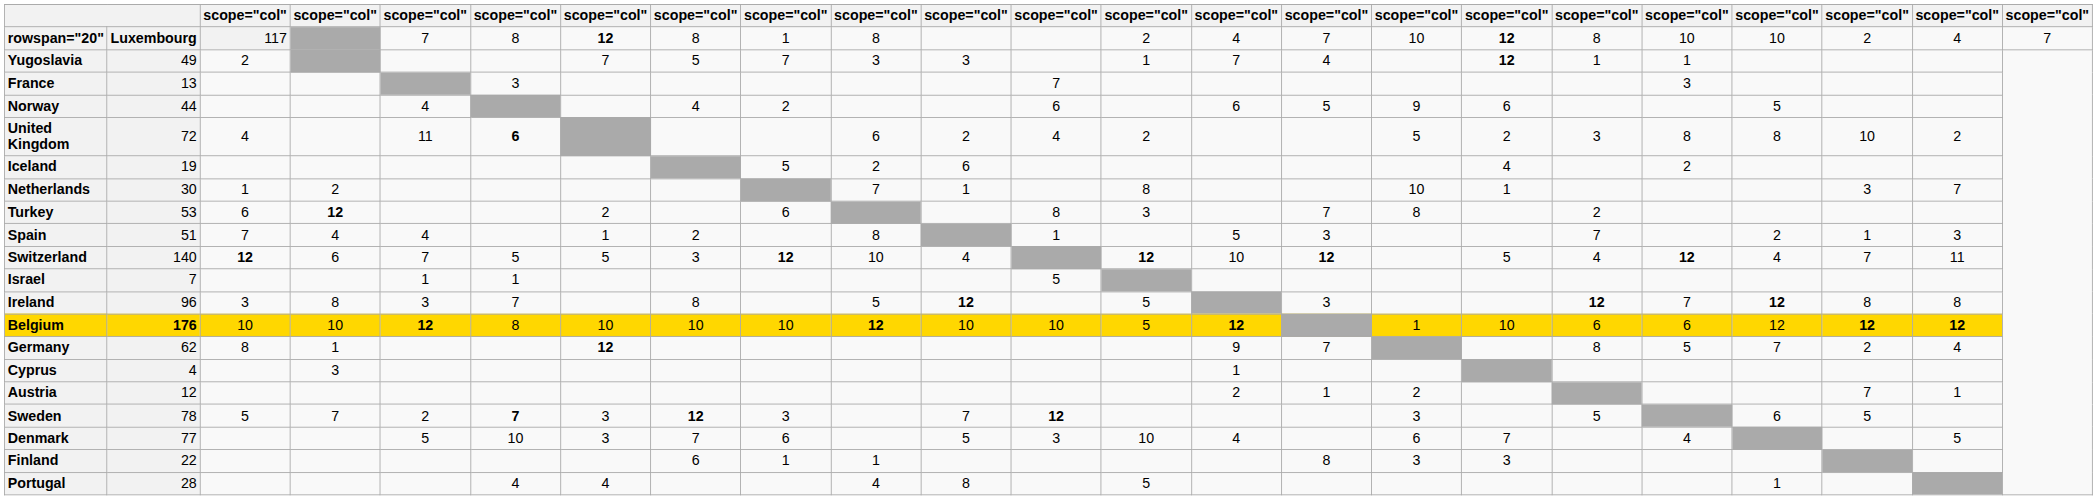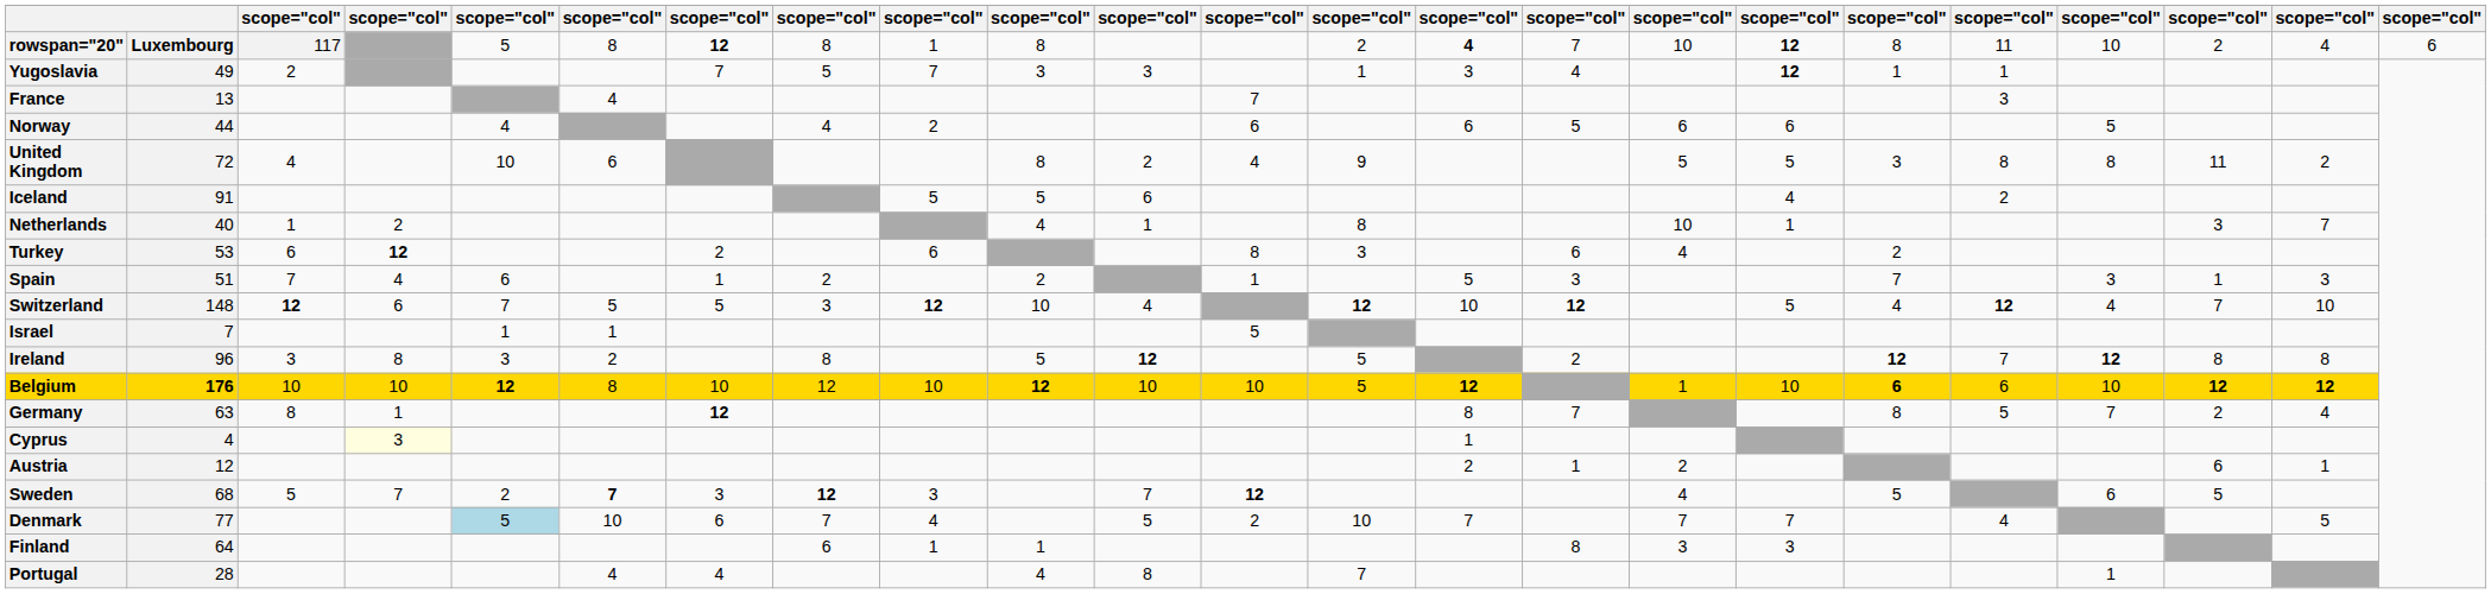 <table class="wikitable plainrowheaders" style="text-align:center;">
 <tr>
 </tr>
 <tr>
 <th colspan="2"></th>
 <th>scope="col" </th>
 <th>scope="col" </th>
 <th>scope="col" </th>
 <th>scope="col" </th>
 <th>scope="col" </th>
 <th>scope="col" </th>
 <th>scope="col" </th>
 <th>scope="col" </th>
 <th>scope="col" </th>
 <th>scope="col" </th>
 <th>scope="col" </th>
 <th>scope="col" </th>
 <th>scope="col" </th>
 <th>scope="col" </th>
 <th>scope="col" </th>
 <th>scope="col" </th>
 <th>scope="col" </th>
 <th>scope="col" </th>
 <th>scope="col" </th>
 <th>scope="col" </th>
 <th>scope="col" </th>
 </tr>
 <tr>
 <th>rowspan="20" </th>
 <th scope="row" style="text-align:left; background:#f2f2f2;">Luxembourg</th>
 <td style="text-align:right; background:#f2f2f2;">117</td>
 <td style="text-align:left; background:#aaa;"></td>
-<td>7</td>
+<td>5</td>
 <td>8</td>
 <td><strong>12</strong></td>
 <td>8</td>
 <td>1</td>
 <td>8</td>
 <td></td>
 <td></td>
 <td>2</td>
-<td>4</td>
+<td><strong>4</strong></td>
 <td>7</td>
 <td>10</td>
 <td><strong>12</strong></td>
 <td>8</td>
-<td>10</td>
+<td>11</td>
 <td>10</td>
 <td>2</td>
 <td>4</td>
-<td>7</td>
+<td>6</td>
 </tr>
 <tr>
 <th scope="row" style="text-align:left; background:#f2f2f2;">Yugoslavia</th>
 <td style="text-align:right; background:#f2f2f2;">49</td>
 <td>2</td>
 <td style="text-align:left; background:#aaa;"></td>
 <td></td>
 <td></td>
 <td>7</td>
 <td>5</td>
 <td>7</td>
 <td>3</td>
 <td>3</td>
 <td></td>
 <td>1</td>
-<td>7</td>
+<td>3</td>
 <td>4</td>
 <td></td>
 <td><strong>12</strong></td>
 <td>1</td>
 <td>1</td>
 <td></td>
 <td></td>
 <td></td>
 </tr>
 <tr>
 <th scope="row" style="text-align:left; background:#f2f2f2;">France</th>
 <td style="text-align:right; background:#f2f2f2;">13</td>
 <td></td>
 <td></td>
 <td style="text-align:left; background:#aaa;"></td>
-<td>3</td>
+<td>4</td>
 <td></td>
 <td></td>
 <td></td>
 <td></td>
 <td></td>
 <td>7</td>
 <td></td>
 <td></td>
 <td></td>
 <td></td>
 <td></td>
 <td></td>
 <td>3</td>
 <td></td>
 <td></td>
 <td></td>
 </tr>
 <tr>
 <th scope="row" style="text-align:left; background:#f2f2f2;">Norway</th>
 <td style="text-align:right; background:#f2f2f2;">44</td>
 <td></td>
 <td></td>
 <td>4</td>
 <td style="text-align:left; background:#aaa;"></td>
 <td></td>
 <td>4</td>
 <td>2</td>
 <td></td>
 <td></td>
 <td>6</td>
 <td></td>
 <td>6</td>
 <td>5</td>
-<td>9</td>
+<td>6</td>
 <td>6</td>
 <td></td>
 <td></td>
 <td>5</td>
 <td></td>
 <td></td>
 </tr>
 <tr>
 <th scope="row" style="text-align:left; background:#f2f2f2;">United Kingdom</th>
 <td style="text-align:right; background:#f2f2f2;">72</td>
 <td>4</td>
 <td></td>
-<td>11</td>
-<td><strong>6</strong></td>
+<td>10</td>
+<td>6</td>
 <td style="text-align:left; background:#aaa;"></td>
 <td></td>
 <td></td>
-<td>6</td>
+<td>8</td>
 <td>2</td>
 <td>4</td>
-<td>2</td>
+<td>9</td>
 <td></td>
 <td></td>
 <td>5</td>
-<td>2</td>
+<td>5</td>
 <td>3</td>
 <td>8</td>
 <td>8</td>
-<td>10</td>
+<td>11</td>
 <td>2</td>
 </tr>
 <tr>
 <th scope="row" style="text-align:left; background:#f2f2f2;">Iceland</th>
-<td style="text-align:right; background:#f2f2f2;">19</td>
+<td style="text-align:right; background:#f2f2f2;">91</td>
 <td></td>
 <td></td>
 <td></td>
 <td></td>
 <td></td>
 <td style="text-align:left; background:#aaa;"></td>
 <td>5</td>
-<td>2</td>
+<td>5</td>
 <td>6</td>
 <td></td>
 <td></td>
 <td></td>
 <td></td>
 <td></td>
 <td>4</td>
 <td></td>
 <td>2</td>
 <td></td>
 <td></td>
 <td></td>
 </tr>
 <tr>
 <th scope="row" style="text-align:left; background:#f2f2f2;">Netherlands</th>
-<td style="text-align:right; background:#f2f2f2;">30</td>
+<td style="text-align:right; background:#f2f2f2;">40</td>
 <td>1</td>
 <td>2</td>
 <td></td>
 <td></td>
 <td></td>
 <td></td>
 <td style="text-align:left; background:#aaa;"></td>
-<td>7</td>
+<td>4</td>
 <td>1</td>
 <td></td>
 <td>8</td>
 <td></td>
 <td></td>
 <td>10</td>
 <td>1</td>
 <td></td>
 <td></td>
 <td></td>
 <td>3</td>
 <td>7</td>
 </tr>
 <tr>
 <th scope="row" style="text-align:left; background:#f2f2f2;">Turkey</th>
 <td style="text-align:right; background:#f2f2f2;">53</td>
 <td>6</td>
 <td><strong>12</strong></td>
 <td></td>
 <td></td>
 <td>2</td>
 <td></td>
 <td>6</td>
 <td style="text-align:left; background:#aaa;"></td>
 <td></td>
 <td>8</td>
 <td>3</td>
 <td></td>
-<td>7</td>
-<td>8</td>
+<td>6</td>
+<td>4</td>
 <td></td>
 <td>2</td>
 <td></td>
 <td></td>
 <td></td>
 <td></td>
 </tr>
 <tr>
 <th scope="row" style="text-align:left; background:#f2f2f2;">Spain</th>
 <td style="text-align:right; background:#f2f2f2;">51</td>
 <td>7</td>
 <td>4</td>
-<td>4</td>
+<td>6</td>
 <td></td>
 <td>1</td>
 <td>2</td>
 <td></td>
-<td>8</td>
+<td>2</td>
 <td style="text-align:left; background:#aaa;"></td>
 <td>1</td>
 <td></td>
 <td>5</td>
 <td>3</td>
 <td></td>
 <td></td>
 <td>7</td>
 <td></td>
-<td>2</td>
+<td>3</td>
 <td>1</td>
 <td>3</td>
 </tr>
 <tr>
 <th scope="row" style="text-align:left; background:#f2f2f2;">Switzerland</th>
-<td style="text-align:right; background:#f2f2f2;">140</td>
+<td style="text-align:right; background:#f2f2f2;">148</td>
 <td><strong>12</strong></td>
 <td>6</td>
 <td>7</td>
 <td>5</td>
 <td>5</td>
 <td>3</td>
 <td><strong>12</strong></td>
 <td>10</td>
 <td>4</td>
 <td style="text-align:left; background:#aaa;"></td>
 <td><strong>12</strong></td>
 <td>10</td>
 <td><strong>12</strong></td>
 <td></td>
 <td>5</td>
 <td>4</td>
 <td><strong>12</strong></td>
 <td>4</td>
 <td>7</td>
-<td>11</td>
+<td>10</td>
 </tr>
 <tr>
 <th scope="row" style="text-align:left; background:#f2f2f2;">Israel</th>
 <td style="text-align:right; background:#f2f2f2;">7</td>
 <td></td>
 <td></td>
 <td>1</td>
 <td>1</td>
 <td></td>
 <td></td>
 <td></td>
 <td></td>
 <td></td>
 <td>5</td>
 <td style="text-align:left; background:#aaa;"></td>
 <td></td>
 <td></td>
 <td></td>
 <td></td>
 <td></td>
 <td></td>
 <td></td>
 <td></td>
 <td></td>
 </tr>
 <tr>
 <th scope="row" style="text-align:left; background:#f2f2f2;">Ireland</th>
 <td style="text-align:right; background:#f2f2f2;">96</td>
 <td>3</td>
 <td>8</td>
 <td>3</td>
-<td>7</td>
+<td>2</td>
 <td></td>
 <td>8</td>
 <td></td>
 <td>5</td>
 <td><strong>12</strong></td>
 <td></td>
 <td>5</td>
 <td style="text-align:left; background:#aaa;"></td>
-<td>3</td>
+<td>2</td>
 <td></td>
 <td></td>
 <td><strong>12</strong></td>
 <td>7</td>
 <td><strong>12</strong></td>
 <td>8</td>
 <td>8</td>
 </tr>
 <tr style="background:gold;">
 <th scope="row" style="text-align:left; font-weight:bold; background:gold;">Belgium</th>
 <td style="text-align:right; font-weight:bold;">176</td>
 <td>10</td>
 <td>10</td>
 <td><strong>12</strong></td>
 <td>8</td>
 <td>10</td>
-<td>10</td>
+<td>12</td>
 <td>10</td>
 <td><strong>12</strong></td>
 <td>10</td>
 <td>10</td>
 <td>5</td>
 <td><strong>12</strong></td>
 <td style="text-align:left; background:#aaa;"></td>
 <td>1</td>
 <td>10</td>
+<td><strong>6</strong></td>
 <td>6</td>
-<td>6</td>
-<td>12</td>
+<td>10</td>
 <td><strong>12</strong></td>
 <td><strong>12</strong></td>
 </tr>
 <tr>
 <th scope="row" style="text-align:left; background:#f2f2f2;">Germany</th>
-<td style="text-align:right; background:#f2f2f2;">62</td>
+<td style="text-align:right; background:#f2f2f2;">63</td>
 <td>8</td>
 <td>1</td>
 <td></td>
 <td></td>
 <td><strong>12</strong></td>
 <td></td>
 <td></td>
 <td></td>
 <td></td>
 <td></td>
 <td></td>
-<td>9</td>
+<td>8</td>
 <td>7</td>
 <td style="text-align:left; background:#aaa;"></td>
 <td></td>
 <td>8</td>
 <td>5</td>
 <td>7</td>
 <td>2</td>
 <td>4</td>
 </tr>
 <tr>
 <th scope="row" style="text-align:left; background:#f2f2f2;">Cyprus</th>
 <td style="text-align:right; background:#f2f2f2;">4</td>
 <td></td>
-<td>3</td>
+<td style="background: lightyellow;">3</td>
 <td></td>
 <td></td>
 <td></td>
 <td></td>
 <td></td>
 <td></td>
 <td></td>
 <td></td>
 <td></td>
 <td>1</td>
 <td></td>
 <td></td>
 <td style="text-align:left; background:#aaa;"></td>
 <td></td>
 <td></td>
 <td></td>
 <td></td>
 <td></td>
 </tr>
 <tr>
 <th scope="row" style="text-align:left; background:#f2f2f2;">Austria</th>
 <td style="text-align:right; background:#f2f2f2;">12</td>
 <td></td>
 <td></td>
 <td></td>
 <td></td>
 <td></td>
 <td></td>
 <td></td>
 <td></td>
 <td></td>
 <td></td>
 <td></td>
 <td>2</td>
 <td>1</td>
 <td>2</td>
 <td></td>
 <td style="text-align:left; background:#aaa;"></td>
 <td></td>
 <td></td>
-<td>7</td>
+<td>6</td>
 <td>1</td>
 </tr>
 <tr>
 <th scope="row" style="text-align:left; background:#f2f2f2;">Sweden</th>
-<td style="text-align:right; background:#f2f2f2;">78</td>
+<td style="text-align:right; background:#f2f2f2;">68</td>
 <td>5</td>
 <td>7</td>
 <td>2</td>
 <td><strong>7</strong></td>
 <td>3</td>
 <td><strong>12</strong></td>
 <td>3</td>
 <td></td>
 <td>7</td>
 <td><strong>12</strong></td>
 <td></td>
 <td></td>
 <td></td>
-<td>3</td>
+<td>4</td>
 <td></td>
 <td>5</td>
 <td style="text-align:left; background:#aaa;"></td>
 <td>6</td>
 <td>5</td>
 <td></td>
 </tr>
 <tr>
 <th scope="row" style="text-align:left; background:#f2f2f2;">Denmark</th>
 <td style="text-align:right; background:#f2f2f2;">77</td>
 <td></td>
 <td></td>
-<td>5</td>
+<td style="background: lightblue;">5</td>
 <td>10</td>
-<td>3</td>
+<td>6</td>
 <td>7</td>
-<td>6</td>
+<td>4</td>
 <td></td>
 <td>5</td>
-<td>3</td>
+<td>2</td>
 <td>10</td>
-<td>4</td>
+<td>7</td>
 <td></td>
-<td>6</td>
+<td>7</td>
 <td>7</td>
 <td></td>
 <td>4</td>
 <td style="text-align:left; background:#aaa;"></td>
 <td></td>
 <td>5</td>
 </tr>
 <tr>
 <th scope="row" style="text-align:left; background:#f2f2f2;">Finland</th>
-<td style="text-align:right; background:#f2f2f2;">22</td>
+<td style="text-align:right; background:#f2f2f2;">64</td>
 <td></td>
 <td></td>
 <td></td>
 <td></td>
 <td></td>
 <td>6</td>
 <td>1</td>
 <td>1</td>
 <td></td>
 <td></td>
 <td></td>
 <td></td>
 <td>8</td>
 <td>3</td>
 <td>3</td>
 <td></td>
 <td></td>
 <td></td>
 <td style="text-align:left; background:#aaa;"></td>
 <td></td>
 </tr>
 <tr>
 <th scope="row" style="text-align:left; background:#f2f2f2;">Portugal</th>
 <td style="text-align:right; background:#f2f2f2;">28</td>
 <td></td>
 <td></td>
 <td></td>
 <td>4</td>
 <td>4</td>
 <td></td>
 <td></td>
 <td>4</td>
 <td>8</td>
 <td></td>
-<td>5</td>
+<td>7</td>
 <td></td>
 <td></td>
 <td></td>
 <td></td>
 <td></td>
 <td></td>
 <td>1</td>
 <td></td>
 <td style="text-align:left; background:#aaa;"></td>
 </tr>
 </table>
